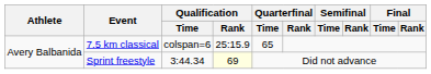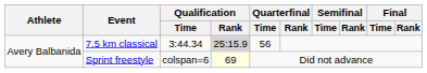 <table class="wikitable" style="font-size:90%">
 <tr>
 <th rowspan="2">Athlete</th>
 <th rowspan="2">Event</th>
 <th colspan="2">Qualification</th>
 <th colspan="2">Quarterfinal</th>
 <th colspan="2">Semifinal</th>
 <th colspan="2">Final</th>
 </tr>
 <tr style="font-size:95%">
 <th>Time</th>
 <th>Rank</th>
 <th>Time</th>
 <th>Rank</th>
 <th>Time</th>
 <th>Rank</th>
 <th>Time</th>
 <th>Rank</th>
 </tr>
 <tr align=center>
 <td align=left rowspan=2>Avery Balbanida</td>
 <td align=left><a href='#'>7.5 km classical</a></td>
-<td>colspan=6</td>
-<td>25:15.9</td>
-<td>65</td>
+<td>3:44.34</td>
+<td style="background: lightgrey;">25:15.9</td>
+<td>56</td>
 </tr>
 <tr align=center>
 <td align=left><a href='#'>Sprint freestyle</a></td>
-<td>3:44.34</td>
+<td>colspan=6</td>
 <td style="background: lightyellow;">69</td>
 <td colspan=6>Did not advance</td>
 </tr>
 </table>
